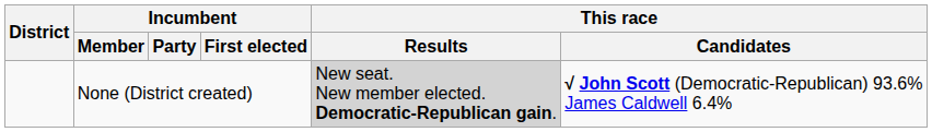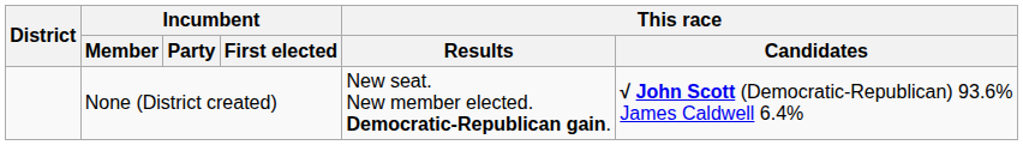 <table class=wikitable>
 <tr>
 <th rowspan=2>District</th>
 <th colspan=3>Incumbent</th>
 <th colspan=2>This race</th>
 </tr>
 <tr>
 <th>Member</th>
 <th>Party</th>
 <th>First elected</th>
 <th>Results</th>
 <th>Candidates</th>
 </tr>
 <tr>
 <td></td>
 <td colspan=3>None (District created)</td>
-<td style="background: lightgrey;">New seat.<br>New member elected.<br><strong>Democratic-Republican gain</strong>.</td>
+<td>New seat.<br>New member elected.<br><strong>Democratic-Republican gain</strong>.</td>
 <td nowrap><strong>√ <a href='#'>John Scott</a></strong> (Democratic-Republican) 93.6%<br><a href='#'>James Caldwell</a> 6.4%</td>
 </tr>
 </table>
